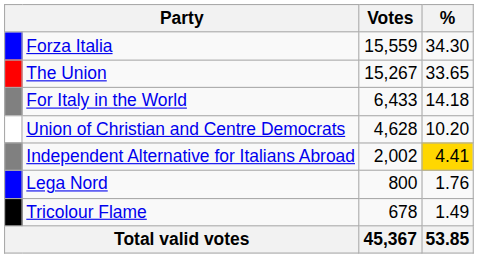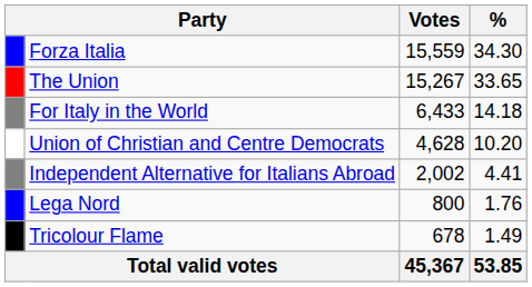 <table class="wikitable">
 <tr>
 <th colspan="2" style="width: 130px">Party</th>
 <th style="width: 50px">Votes</th>
 <th style="width: 40px">%</th>
 </tr>
 <tr>
 <td style="background-color:blue">  </td>
 <td style="text-align: left"><a href='#'>Forza Italia</a></td>
 <td style="text-align: right">15,559</td>
 <td style="text-align: right">34.30</td>
 </tr>
 <tr>
 <td style="background-color:red">  </td>
 <td style="text-align: left"><a href='#'>The Union</a></td>
 <td style="text-align: right">15,267</td>
 <td style="text-align: right">33.65</td>
 </tr>
 <tr>
 <td style="background-color:grey">  </td>
 <td style="text-align: left"><a href='#'>For Italy in the World</a></td>
 <td align="right">6,433</td>
 <td align="right">14.18</td>
 </tr>
 <tr>
 <td style="background-color:white">  </td>
 <td style="text-align: left"><a href='#'>Union of Christian and Centre Democrats</a></td>
 <td align="right">4,628</td>
 <td align="right">10.20</td>
 </tr>
 <tr>
 <td style="background-color:grey">  </td>
 <td style="text-align: left"><a href='#'>Independent Alternative for Italians Abroad</a></td>
 <td align="right">2,002</td>
-<td align="right" style="background: gold;">4.41</td>
+<td align="right">4.41</td>
 </tr>
 <tr>
 <td style="background-color:blue">  </td>
 <td style="text-align: left"><a href='#'>Lega Nord</a></td>
 <td align="right">800</td>
 <td align="right">1.76</td>
 </tr>
 <tr>
 <td style="background-color:black">  </td>
 <td style="text-align: left"><a href='#'>Tricolour Flame</a></td>
 <td align="right">678</td>
 <td align="right">1.49</td>
 </tr>
 <tr bgcolor="white">
 <th align="right" colspan=2>Total valid votes</th>
 <th align="right">45,367</th>
 <th align="right">53.85</th>
 </tr>
 </table>
